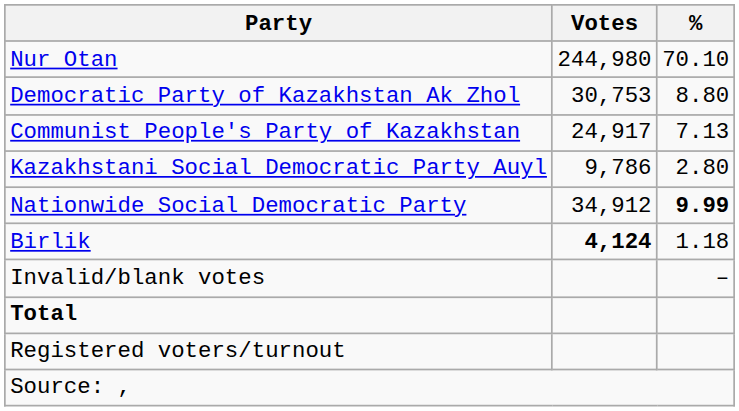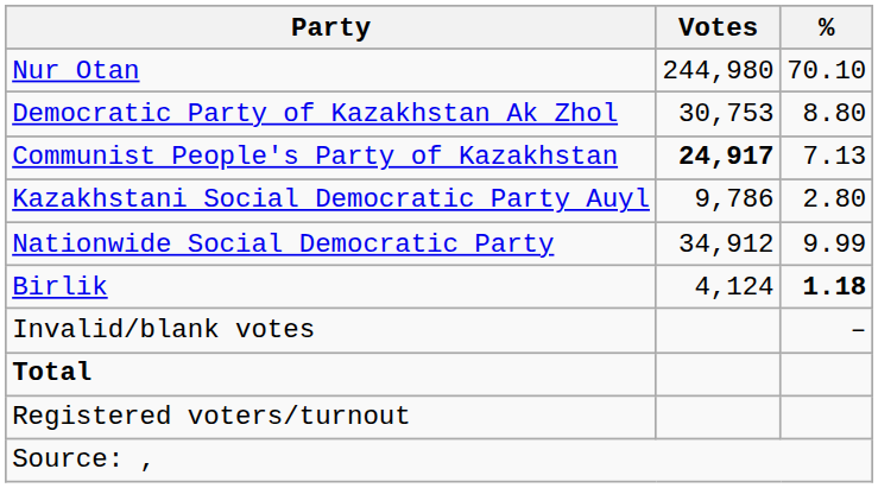 <table class=wikitable style=text-align:right>
 <tr>
 <th>Party</th>
 <th>Votes</th>
 <th>%</th>
 </tr>
 <tr>
 <td align=left><a href='#'>Nur Otan</a></td>
 <td>244,980</td>
 <td>70.10</td>
 </tr>
 <tr>
 <td align=left><a href='#'>Democratic Party of Kazakhstan Ak Zhol</a></td>
 <td>30,753</td>
 <td>8.80</td>
 </tr>
 <tr>
 <td align=left><a href='#'>Communist People's Party of Kazakhstan</a></td>
-<td>24,917</td>
+<td><strong>24,917</strong></td>
 <td>7.13</td>
 </tr>
 <tr>
 <td align=left><a href='#'>Kazakhstani Social Democratic Party Auyl</a></td>
 <td>9,786</td>
 <td>2.80</td>
 </tr>
 <tr>
 <td align=left><a href='#'>Nationwide Social Democratic Party</a></td>
 <td>34,912</td>
-<td><strong>9.99</strong></td>
+<td>9.99</td>
 </tr>
 <tr>
 <td align=left><a href='#'>Birlik</a></td>
-<td><strong>4,124</strong></td>
-<td>1.18</td>
+<td>4,124</td>
+<td><strong>1.18</strong></td>
 </tr>
 <tr>
 <td align=left>Invalid/blank votes</td>
 <td></td>
 <td>–</td>
 </tr>
 <tr>
 <td align=left><strong>Total</strong></td>
 <td></td>
 <td></td>
 </tr>
 <tr>
 <td align=left>Registered voters/turnout</td>
 <td></td>
 <td></td>
 </tr>
 <tr>
 <td align=left colspan=5>Source: , </td>
 </tr>
 </table>
